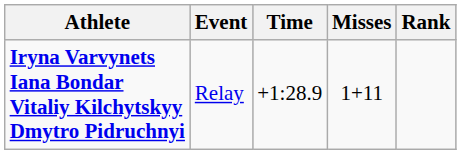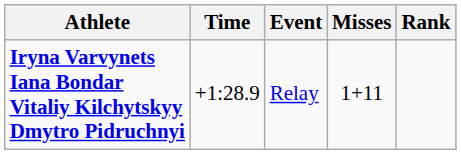 <table class=wikitable style=font-size:90%;text-align:center>
 <tr>
 <th>Athlete</th>
+<th>Time</th>
 <th>Event</th>
-<th>Time</th>
 <th>Misses</th>
 <th>Rank</th>
 </tr>
 <tr>
 <td align=left><strong><a href='#'>Iryna Varvynets</a><br><a href='#'>Iana Bondar</a><br><a href='#'>Vitaliy Kilchytskyy</a><br><a href='#'>Dmytro Pidruchnyi</a></strong></td>
+<td>+1:28.9</td>
 <td align=left><a href='#'>Relay</a></td>
-<td>+1:28.9</td>
 <td>1+11</td>
 <td></td>
 </tr>
 </table>
